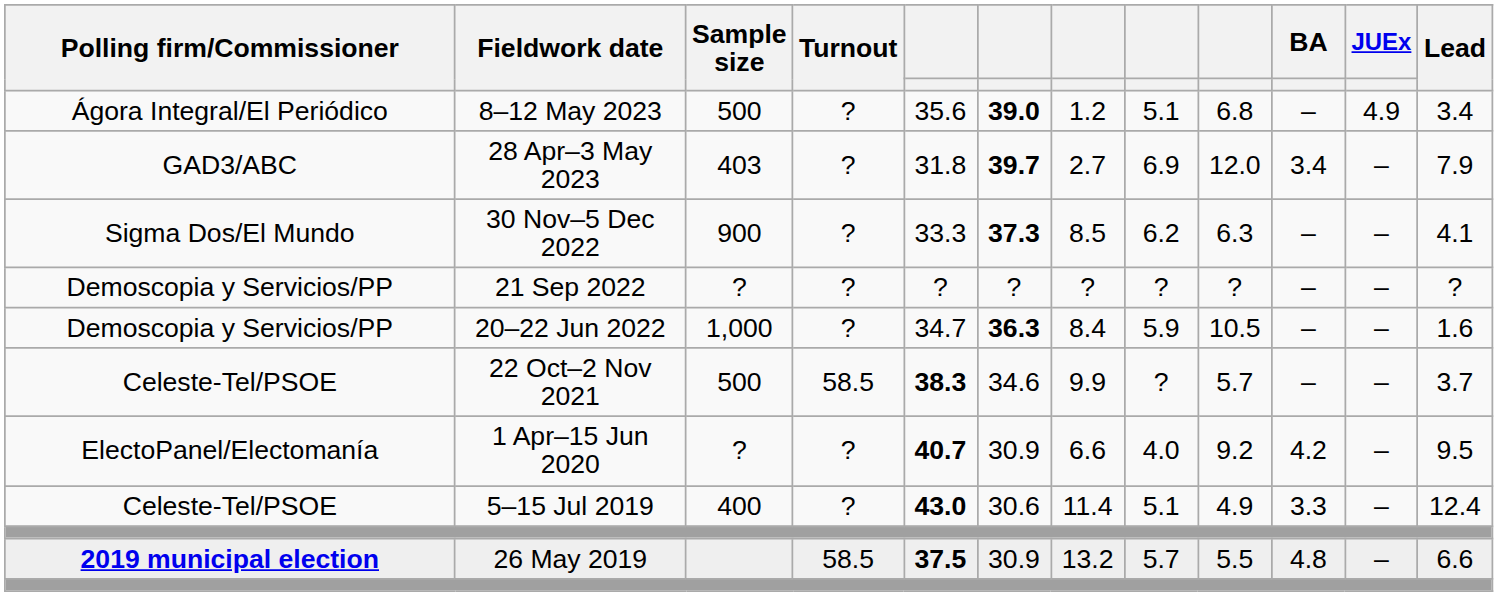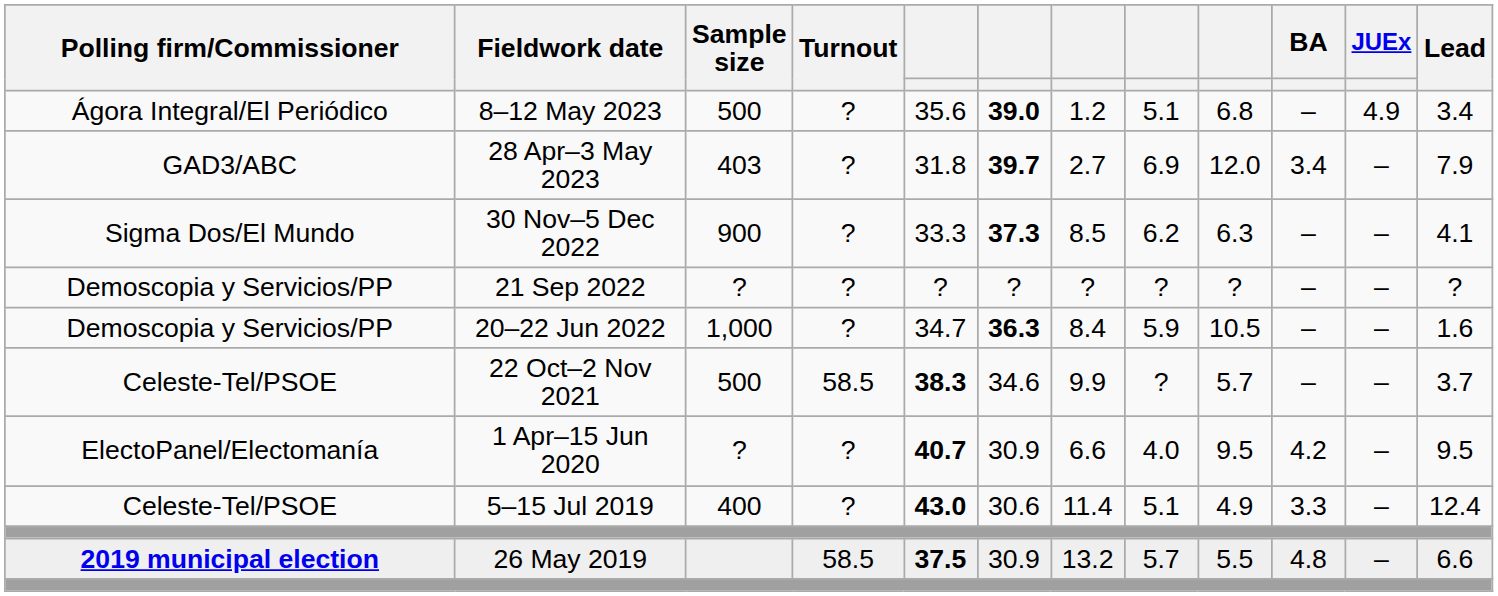 <table class="wikitable collapsible collapsed" style="text-align:center; font-size:95%; line-height:16px;">
 <tr style="height:42px;">
 <th style="width:250px;" rowspan="2">Polling firm/Commissioner</th>
 <th style="width:125px;" rowspan="2">Fieldwork date</th>
 <th style="width:50px;" rowspan="2">Sample size</th>
 <th style="width:45px;" rowspan="2">Turnout</th>
 <th style="width:35px;"></th>
 <th style="width:35px;"></th>
 <th style="width:35px;"></th>
 <th style="width:35px;"></th>
 <th style="width:35px;"></th>
 <th style="width:35px;">BA</th>
 <th style="width:35px; font-size:90%;"><a href='#'>JUEx</a></th>
 <th style="width:30px;" rowspan="2">Lead</th>
 </tr>
 <tr>
 <th style="color:inherit;background:"></th>
 <th style="color:inherit;background:"></th>
 <th style="color:inherit;background:"></th>
 <th style="color:inherit;background:"></th>
 <th style="color:inherit;background:"></th>
 <th style="color:inherit;background:"></th>
 <th style="color:inherit;background:"></th>
 </tr>
 <tr>
 <td>Ágora Integral/El Periódico</td>
 <td>8–12 May 2023</td>
 <td>500</td>
 <td>?</td>
 <td>35.6<br></td>
 <td><strong>39.0</strong><br></td>
 <td>1.2<br></td>
 <td>5.1<br></td>
 <td>6.8<br></td>
 <td>–</td>
 <td>4.9<br></td>
 <td style="background:">3.4</td>
 </tr>
 <tr>
 <td>GAD3/ABC</td>
 <td>28 Apr–3 May 2023</td>
 <td>403</td>
 <td>?</td>
 <td>31.8<br></td>
 <td><strong>39.7</strong><br></td>
 <td>2.7<br></td>
 <td>6.9<br></td>
 <td>12.0<br></td>
 <td>3.4<br></td>
 <td>–</td>
 <td style="background:">7.9</td>
 </tr>
 <tr>
 <td>Sigma Dos/El Mundo</td>
 <td>30 Nov–5 Dec 2022</td>
 <td>900</td>
 <td>?</td>
 <td>33.3<br></td>
 <td><strong>37.3</strong><br></td>
 <td>8.5<br></td>
 <td>6.2<br></td>
 <td>6.3<br></td>
 <td>–</td>
 <td>–</td>
 <td style="background:">4.1</td>
 </tr>
 <tr>
 <td>Demoscopia y Servicios/PP</td>
 <td>21 Sep 2022</td>
 <td>?</td>
 <td>?</td>
 <td>?<br></td>
 <td>?<br></td>
 <td>?<br></td>
 <td>?<br></td>
 <td>?<br></td>
 <td>–</td>
 <td>–</td>
 <td style="background:">?</td>
 </tr>
 <tr>
 <td>Demoscopia y Servicios/PP</td>
 <td>20–22 Jun 2022</td>
 <td>1,000</td>
 <td>?</td>
 <td>34.7<br></td>
 <td><strong>36.3</strong><br></td>
 <td>8.4<br></td>
 <td>5.9<br></td>
 <td>10.5<br></td>
 <td>–</td>
 <td>–</td>
 <td style="background:">1.6</td>
 </tr>
 <tr>
 <td>Celeste-Tel/PSOE</td>
 <td>22 Oct–2 Nov 2021</td>
 <td>500</td>
 <td>58.5</td>
 <td><strong>38.3</strong><br></td>
 <td>34.6<br></td>
 <td>9.9<br></td>
 <td>?<br></td>
 <td>5.7<br></td>
 <td>–</td>
 <td>–</td>
 <td style="background:">3.7</td>
 </tr>
 <tr>
 <td>ElectoPanel/Electomanía</td>
 <td>1 Apr–15 Jun 2020</td>
 <td>?</td>
 <td>?</td>
 <td><strong>40.7</strong><br></td>
 <td>30.9<br></td>
 <td>6.6<br></td>
 <td>4.0<br></td>
-<td>9.2<br></td>
+<td>9.5<br></td>
 <td>4.2<br></td>
 <td>–</td>
 <td style="background:">9.5</td>
 </tr>
 <tr>
 <td>Celeste-Tel/PSOE</td>
 <td>5–15 Jul 2019</td>
 <td>400</td>
 <td>?</td>
 <td><strong>43.0</strong><br></td>
 <td>30.6<br></td>
 <td>11.4<br></td>
 <td>5.1<br></td>
 <td>4.9<br></td>
 <td>3.3<br></td>
 <td>–</td>
 <td style="background:">12.4</td>
 </tr>
 <tr>
 <td colspan="12" style="background:#A0A0A0"></td>
 </tr>
 <tr style="background:#EFEFEF;">
 <td><strong><a href='#'>2019 municipal election</a></strong></td>
 <td>26 May 2019</td>
 <td></td>
 <td>58.5</td>
 <td><strong>37.5</strong><br></td>
 <td>30.9<br></td>
 <td>13.2<br></td>
 <td>5.7<br></td>
 <td>5.5<br></td>
 <td>4.8<br></td>
 <td>–</td>
 <td style="background:">6.6</td>
 </tr>
 <tr>
 <td colspan="12" style="background:#A0A0A0"></td>
 </tr>
 </table>
